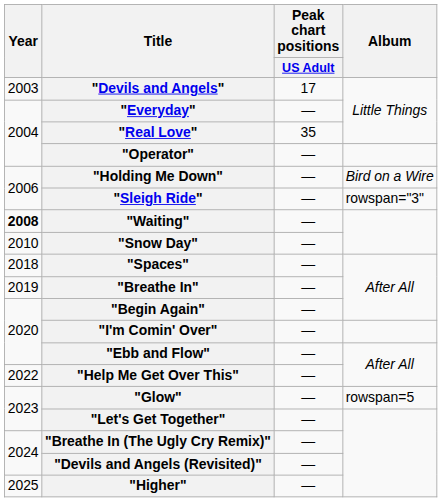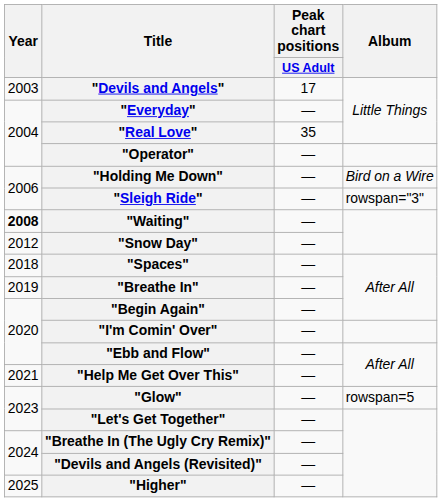 <table class="wikitable plainrowheaders">
 <tr>
 <th scope="col" rowspan="2">Year</th>
 <th scope="col" rowspan="2">Title</th>
 <th scope="col">Peak chart positions</th>
 <th scope="col" rowspan="2">Album</th>
 </tr>
 <tr>
 <th scope="col" style="width:3em;font-size:90%"><a href='#'>US Adult</a><br></th>
 </tr>
 <tr>
 <td align=center>2003</td>
 <th scope="row">"<a href='#'>Devils and Angels</a>"</th>
 <td align=center>17</td>
 <td rowspan=3 align=center><em>Little Things</em></td>
 </tr>
 <tr>
 <td align=center rowspan=3>2004</td>
 <th scope="row">"<a href='#'>Everyday</a>"</th>
 <td align=center>—</td>
 </tr>
 <tr>
 <th scope="row">"<a href='#'>Real Love</a>"</th>
 <td align=center>35</td>
 </tr>
 <tr>
 <th scope="row">"Operator"</th>
 <td align=center>—</td>
 <td></td>
 </tr>
 <tr>
 <td align=center rowspan=2>2006</td>
 <th scope="row">"Holding Me Down"</th>
 <td align=center>—</td>
 <td align=center><em>Bird on a Wire</em></td>
 </tr>
 <tr>
 <th scope="row">"<a href='#'>Sleigh Ride</a>"</th>
 <td align=center>—</td>
 <td>rowspan="3" </td>
 </tr>
 <tr>
 <td align=center><strong>2008</strong></td>
 <th scope="row">"Waiting"</th>
 <td align=center>—</td>
 </tr>
 <tr>
-<td align=center>2010</td>
+<td align=center>2012</td>
 <th scope="row">"Snow Day"</th>
 <td align=center>—</td>
 </tr>
 <tr>
 <td align=center>2018</td>
 <th scope="row">"Spaces"</th>
 <td align=center>—</td>
 <td rowspan="3" align=center><em>After All</em></td>
 </tr>
 <tr>
 <td align=center>2019</td>
 <th scope="row">"Breathe In"</th>
 <td align=center>—</td>
 </tr>
 <tr>
 <td align=center rowspan=3>2020</td>
 <th scope="row">"Begin Again"</th>
 <td align=center>—</td>
 </tr>
 <tr>
 <th scope="row">"I'm Comin' Over"</th>
 <td align=center>—</td>
 <td></td>
 </tr>
 <tr>
 <th scope="row">"Ebb and Flow"</th>
 <td align=center>—</td>
 <td align=center rowspan="2"><em>After All</em></td>
 </tr>
 <tr>
-<td align=center>2022</td>
+<td align=center>2021</td>
 <th scope="row">"Help Me Get Over This"</th>
 <td align=center>—</td>
 </tr>
 <tr>
 <td align=center rowspan=2>2023</td>
 <th scope="row">"Glow"</th>
 <td align=center>—</td>
 <td>rowspan=5 </td>
 </tr>
 <tr>
 <th scope="row">"Let's Get Together"</th>
 <td align=center>—</td>
 </tr>
 <tr>
 <td align=center rowspan=2>2024</td>
 <th scope="row">"Breathe In (The Ugly Cry Remix)"</th>
 <td align=center>—</td>
 </tr>
 <tr>
 <th scope="row">"Devils and Angels (Revisited)"</th>
 <td align=center>—</td>
 </tr>
 <tr>
 <td align=center>2025</td>
 <th scope="row">"Higher"</th>
 <td align=center>—</td>
 </tr>
 </table>
